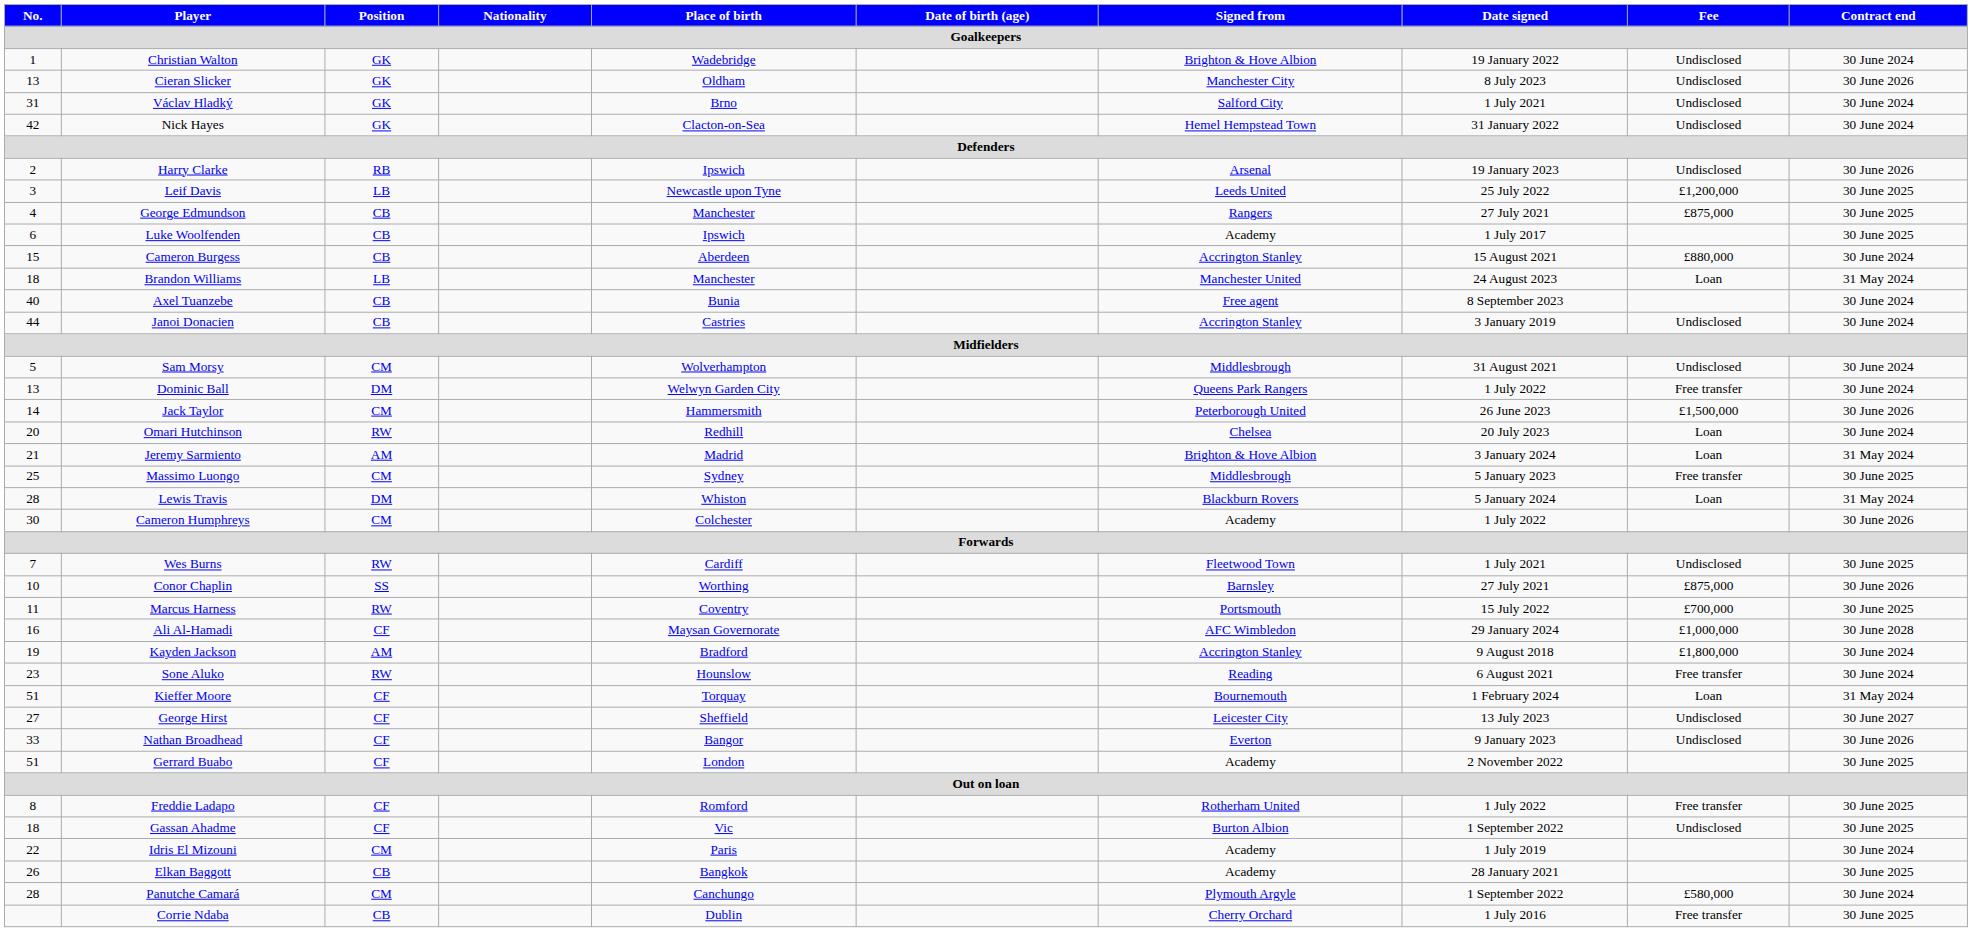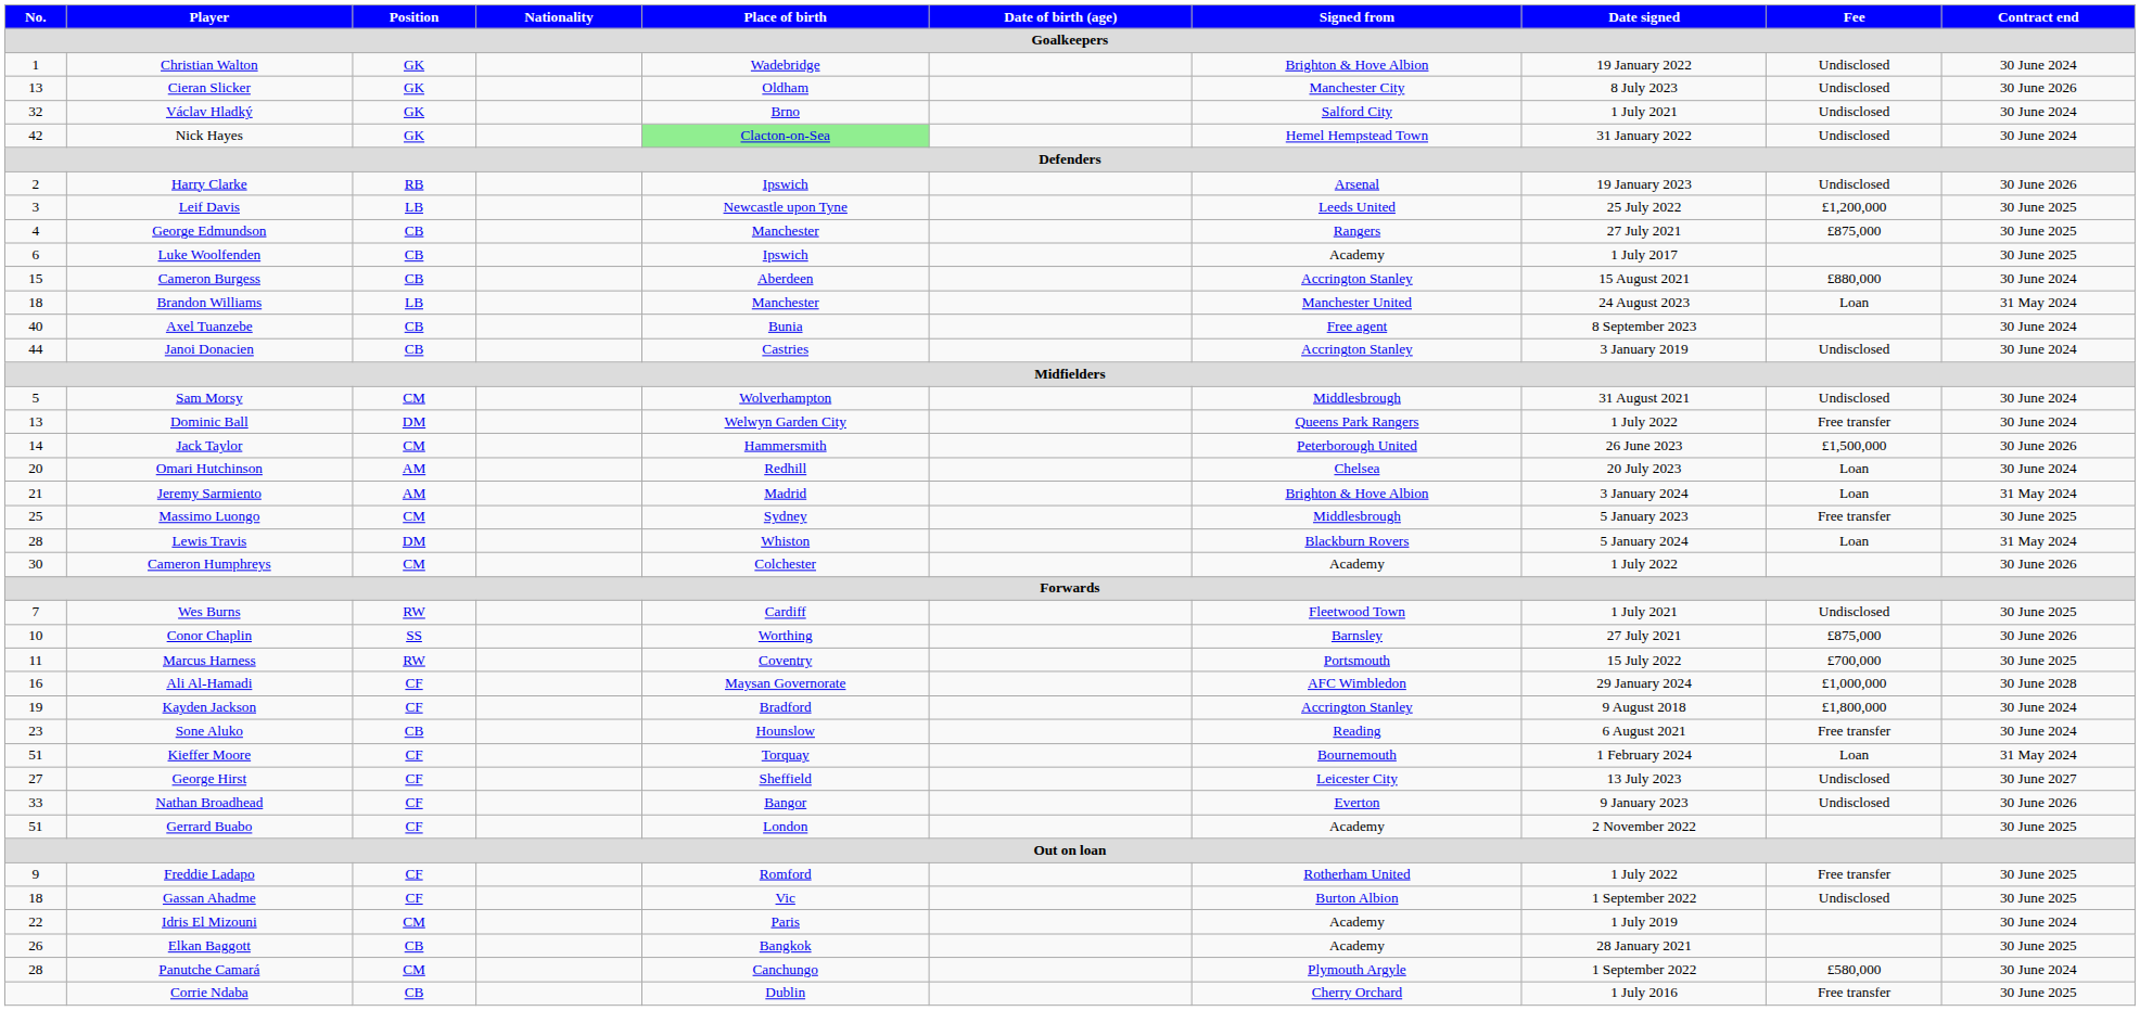 <table class="wikitable" style="text-align:center; font-size:84.5%; width:101%;">
 <tr>
 <th style="background:blue; color:white; text-align:center;">No.</th>
 <th style="background:blue; color:white; text-align:center;">Player</th>
 <th style="background:blue; color:white; text-align:center;">Position</th>
 <th style="background:blue; color:white; text-align:center;">Nationality</th>
 <th style="background:blue; color:white; text-align:center;">Place of birth</th>
 <th style="background:blue; color:white; text-align:center;">Date of birth (age)</th>
 <th style="background:blue; color:white; text-align:center;">Signed from</th>
 <th style="background:blue; color:white; text-align:center;">Date signed</th>
 <th style="background:blue; color:white; text-align:center;">Fee</th>
 <th style="background:blue; color:white; text-align:center;">Contract end</th>
 </tr>
 <tr>
 <th colspan="14" style="background:#dcdcdc; tepxt-align:center;">Goalkeepers</th>
 </tr>
 <tr>
 <td>1</td>
 <td><a href='#'>Christian Walton</a></td>
 <td><a href='#'>GK</a></td>
 <td></td>
 <td><a href='#'>Wadebridge</a></td>
 <td></td>
 <td><a href='#'>Brighton & Hove Albion</a></td>
 <td>19 January 2022</td>
 <td>Undisclosed</td>
 <td>30 June 2024</td>
 </tr>
 <tr>
 <td>13</td>
 <td><a href='#'>Cieran Slicker</a></td>
 <td><a href='#'>GK</a></td>
 <td></td>
 <td> <a href='#'>Oldham</a></td>
 <td></td>
 <td><a href='#'>Manchester City</a></td>
 <td>8 July 2023</td>
 <td>Undisclosed</td>
 <td>30 June 2026</td>
 </tr>
 <tr>
-<td>31</td>
+<td>32</td>
 <td><a href='#'>Václav Hladký</a></td>
 <td><a href='#'>GK</a></td>
 <td></td>
 <td><a href='#'>Brno</a></td>
 <td></td>
 <td><a href='#'>Salford City</a></td>
 <td>1 July 2021</td>
 <td>Undisclosed</td>
 <td>30 June 2024</td>
 </tr>
 <tr>
 <td>42</td>
 <td>Nick Hayes</td>
 <td><a href='#'>GK</a></td>
 <td></td>
-<td><a href='#'>Clacton-on-Sea</a></td>
+<td style="background: lightgreen;"><a href='#'>Clacton-on-Sea</a></td>
 <td></td>
 <td><a href='#'>Hemel Hempstead Town</a></td>
 <td>31 January 2022</td>
 <td>Undisclosed</td>
 <td>30 June 2024</td>
 </tr>
 <tr>
 <th colspan="14" style="background:#dcdcdc; tepxt-align:center;">Defenders</th>
 </tr>
 <tr>
 <td>2</td>
 <td><a href='#'>Harry Clarke</a></td>
 <td><a href='#'>RB</a></td>
 <td></td>
 <td><a href='#'>Ipswich</a></td>
 <td></td>
 <td><a href='#'>Arsenal</a></td>
 <td>19 January 2023</td>
 <td>Undisclosed</td>
 <td>30 June 2026</td>
 </tr>
 <tr>
 <td>3</td>
 <td><a href='#'>Leif Davis</a></td>
 <td><a href='#'>LB</a></td>
 <td></td>
 <td><a href='#'>Newcastle upon Tyne</a></td>
 <td></td>
 <td><a href='#'>Leeds United</a></td>
 <td>25 July 2022</td>
 <td>£1,200,000</td>
 <td>30 June 2025</td>
 </tr>
 <tr>
 <td>4</td>
 <td><a href='#'>George Edmundson</a></td>
 <td><a href='#'>CB</a></td>
 <td></td>
 <td><a href='#'>Manchester</a></td>
 <td></td>
 <td><a href='#'>Rangers</a></td>
 <td>27 July 2021</td>
 <td>£875,000</td>
 <td>30 June 2025</td>
 </tr>
 <tr>
 <td>6</td>
 <td><a href='#'>Luke Woolfenden</a></td>
 <td><a href='#'>CB</a></td>
 <td></td>
 <td><a href='#'>Ipswich</a></td>
 <td></td>
 <td>Academy</td>
 <td>1 July 2017</td>
 <td></td>
 <td>30 June 2025</td>
 </tr>
 <tr>
 <td>15</td>
 <td><a href='#'>Cameron Burgess</a></td>
 <td><a href='#'>CB</a></td>
 <td></td>
 <td> <a href='#'>Aberdeen</a></td>
 <td></td>
 <td><a href='#'>Accrington Stanley</a></td>
 <td>15 August 2021</td>
 <td>£880,000</td>
 <td>30 June 2024</td>
 </tr>
 <tr>
 <td>18</td>
 <td><a href='#'>Brandon Williams</a></td>
 <td><a href='#'>LB</a></td>
 <td></td>
 <td><a href='#'>Manchester</a></td>
 <td></td>
 <td><a href='#'>Manchester United</a></td>
 <td>24 August 2023</td>
 <td>Loan</td>
 <td>31 May 2024</td>
 </tr>
 <tr>
 <td>40</td>
 <td><a href='#'>Axel Tuanzebe</a></td>
 <td><a href='#'>CB</a></td>
 <td></td>
 <td><a href='#'>Bunia</a></td>
 <td></td>
 <td><a href='#'>Free agent</a></td>
 <td>8 September 2023</td>
 <td></td>
 <td>30 June 2024</td>
 </tr>
 <tr>
 <td>44</td>
 <td><a href='#'>Janoi Donacien</a></td>
 <td><a href='#'>CB</a></td>
 <td></td>
 <td><a href='#'>Castries</a></td>
 <td></td>
 <td><a href='#'>Accrington Stanley</a></td>
 <td>3 January 2019</td>
 <td>Undisclosed</td>
 <td>30 June 2024</td>
 </tr>
 <tr>
 <th colspan="14" style="background:#dcdcdc; tepxt-align:center;">Midfielders</th>
 </tr>
 <tr>
 <td>5</td>
 <td><a href='#'>Sam Morsy</a></td>
 <td><a href='#'>CM</a></td>
 <td></td>
 <td> <a href='#'>Wolverhampton</a></td>
 <td></td>
 <td><a href='#'>Middlesbrough</a></td>
 <td>31 August 2021</td>
 <td>Undisclosed</td>
 <td>30 June 2024</td>
 </tr>
 <tr>
 <td>13</td>
 <td><a href='#'>Dominic Ball</a></td>
 <td><a href='#'>DM</a></td>
 <td></td>
 <td><a href='#'>Welwyn Garden City</a></td>
 <td></td>
 <td><a href='#'>Queens Park Rangers</a></td>
 <td>1 July 2022</td>
 <td>Free transfer</td>
 <td>30 June 2024</td>
 </tr>
 <tr>
 <td>14</td>
 <td><a href='#'>Jack Taylor</a></td>
 <td><a href='#'>CM</a></td>
 <td></td>
 <td> <a href='#'>Hammersmith</a></td>
 <td></td>
 <td><a href='#'>Peterborough United</a></td>
 <td>26 June 2023</td>
 <td>£1,500,000</td>
 <td>30 June 2026</td>
 </tr>
 <tr>
 <td>20</td>
 <td><a href='#'>Omari Hutchinson</a></td>
-<td><a href='#'>RW</a></td>
+<td><a href='#'>AM</a></td>
 <td></td>
 <td> <a href='#'>Redhill</a></td>
 <td></td>
 <td><a href='#'>Chelsea</a></td>
 <td>20 July 2023</td>
 <td>Loan</td>
 <td>30 June 2024</td>
 </tr>
 <tr>
 <td>21</td>
 <td><a href='#'>Jeremy Sarmiento</a></td>
 <td><a href='#'>AM</a></td>
 <td></td>
 <td> <a href='#'>Madrid</a></td>
 <td></td>
 <td><a href='#'>Brighton & Hove Albion</a></td>
 <td>3 January 2024</td>
 <td>Loan</td>
 <td>31 May 2024</td>
 </tr>
 <tr>
 <td>25</td>
 <td><a href='#'>Massimo Luongo</a></td>
 <td><a href='#'>CM</a></td>
 <td></td>
 <td><a href='#'>Sydney</a></td>
 <td></td>
 <td><a href='#'>Middlesbrough</a></td>
 <td>5 January 2023</td>
 <td>Free transfer</td>
 <td>30 June 2025</td>
 </tr>
 <tr>
 <td>28</td>
 <td><a href='#'>Lewis Travis</a></td>
 <td><a href='#'>DM</a></td>
 <td></td>
 <td><a href='#'>Whiston</a></td>
 <td></td>
 <td><a href='#'>Blackburn Rovers</a></td>
 <td>5 January 2024</td>
 <td>Loan</td>
 <td>31 May 2024</td>
 </tr>
 <tr>
 <td>30</td>
 <td><a href='#'>Cameron Humphreys</a></td>
 <td><a href='#'>CM</a></td>
 <td></td>
 <td><a href='#'>Colchester</a></td>
 <td></td>
 <td>Academy</td>
 <td>1 July 2022</td>
 <td></td>
 <td>30 June 2026</td>
 </tr>
 <tr>
 <th colspan="14" style="background:#dcdcdc; tepxt-align:center;">Forwards</th>
 </tr>
 <tr>
 <td>7</td>
 <td><a href='#'>Wes Burns</a></td>
 <td><a href='#'>RW</a></td>
 <td></td>
 <td><a href='#'>Cardiff</a></td>
 <td></td>
 <td><a href='#'>Fleetwood Town</a></td>
 <td>1 July 2021</td>
 <td>Undisclosed</td>
 <td>30 June 2025</td>
 </tr>
 <tr>
 <td>10</td>
 <td><a href='#'>Conor Chaplin</a></td>
 <td><a href='#'>SS</a></td>
 <td></td>
 <td><a href='#'>Worthing</a></td>
 <td></td>
 <td><a href='#'>Barnsley</a></td>
 <td>27 July 2021</td>
 <td>£875,000</td>
 <td>30 June 2026</td>
 </tr>
 <tr>
 <td>11</td>
 <td><a href='#'>Marcus Harness</a></td>
 <td><a href='#'>RW</a></td>
 <td></td>
 <td><a href='#'>Coventry</a></td>
 <td></td>
 <td><a href='#'>Portsmouth</a></td>
 <td>15 July 2022</td>
 <td>£700,000</td>
 <td>30 June 2025</td>
 </tr>
 <tr>
 <td>16</td>
 <td><a href='#'>Ali Al-Hamadi</a></td>
 <td><a href='#'>CF</a></td>
 <td></td>
 <td><a href='#'>Maysan Governorate</a></td>
 <td></td>
 <td><a href='#'>AFC Wimbledon</a></td>
 <td>29 January 2024</td>
 <td>£1,000,000</td>
 <td>30 June 2028</td>
 </tr>
 <tr>
 <td>19</td>
 <td><a href='#'>Kayden Jackson</a></td>
-<td><a href='#'>AM</a></td>
+<td><a href='#'>CF</a></td>
 <td></td>
 <td><a href='#'>Bradford</a></td>
 <td></td>
 <td><a href='#'>Accrington Stanley</a></td>
 <td>9 August 2018</td>
 <td>£1,800,000</td>
 <td>30 June 2024</td>
 </tr>
 <tr>
 <td>23</td>
 <td><a href='#'>Sone Aluko</a></td>
-<td><a href='#'>RW</a></td>
+<td><a href='#'>CB</a></td>
 <td></td>
 <td> <a href='#'>Hounslow</a></td>
 <td></td>
 <td><a href='#'>Reading</a></td>
 <td>6 August 2021</td>
 <td>Free transfer</td>
 <td>30 June 2024</td>
 </tr>
 <tr>
 <td>51</td>
 <td><a href='#'>Kieffer Moore</a></td>
 <td><a href='#'>CF</a></td>
 <td></td>
 <td> <a href='#'>Torquay</a></td>
 <td></td>
 <td><a href='#'>Bournemouth</a></td>
 <td>1 February 2024</td>
 <td>Loan</td>
 <td>31 May 2024</td>
 </tr>
 <tr>
 <td>27</td>
 <td><a href='#'>George Hirst</a></td>
 <td><a href='#'>CF</a></td>
 <td></td>
 <td><a href='#'>Sheffield</a></td>
 <td></td>
 <td><a href='#'>Leicester City</a></td>
 <td>13 July 2023</td>
 <td>Undisclosed</td>
 <td>30 June 2027</td>
 </tr>
 <tr>
 <td>33</td>
 <td><a href='#'>Nathan Broadhead</a></td>
 <td><a href='#'>CF</a></td>
 <td></td>
 <td><a href='#'>Bangor</a></td>
 <td></td>
 <td><a href='#'>Everton</a></td>
 <td>9 January 2023</td>
 <td>Undisclosed</td>
 <td>30 June 2026</td>
 </tr>
 <tr>
 <td>51</td>
 <td><a href='#'>Gerrard Buabo</a></td>
 <td><a href='#'>CF</a></td>
 <td></td>
 <td><a href='#'>London</a></td>
 <td></td>
 <td>Academy</td>
 <td>2 November 2022</td>
 <td></td>
 <td>30 June 2025</td>
 </tr>
 <tr>
 <th colspan="14" style="background:#dcdcdc; tepxt-align:center;">Out on loan</th>
 </tr>
 <tr>
-<td>8</td>
+<td>9</td>
 <td><a href='#'>Freddie Ladapo</a></td>
 <td><a href='#'>CF</a></td>
 <td></td>
 <td><a href='#'>Romford</a></td>
 <td></td>
 <td><a href='#'>Rotherham United</a></td>
 <td>1 July 2022</td>
 <td>Free transfer</td>
 <td>30 June 2025</td>
 </tr>
 <tr>
 <td>18</td>
 <td><a href='#'>Gassan Ahadme</a></td>
 <td><a href='#'>CF</a></td>
 <td></td>
 <td> <a href='#'>Vic</a></td>
 <td></td>
 <td><a href='#'>Burton Albion</a></td>
 <td>1 September 2022</td>
 <td>Undisclosed</td>
 <td>30 June 2025</td>
 </tr>
 <tr>
 <td>22</td>
 <td><a href='#'>Idris El Mizouni</a></td>
 <td><a href='#'>CM</a></td>
 <td></td>
 <td> <a href='#'>Paris</a></td>
 <td></td>
 <td>Academy</td>
 <td>1 July 2019</td>
 <td></td>
 <td>30 June 2024</td>
 </tr>
 <tr>
 <td>26</td>
 <td><a href='#'>Elkan Baggott</a></td>
 <td><a href='#'>CB</a></td>
 <td></td>
 <td> <a href='#'>Bangkok</a></td>
 <td></td>
 <td>Academy</td>
 <td>28 January 2021</td>
 <td></td>
 <td>30 June 2025</td>
 </tr>
 <tr>
 <td>28</td>
 <td><a href='#'>Panutche Camará</a></td>
 <td><a href='#'>CM</a></td>
 <td></td>
 <td><a href='#'>Canchungo</a></td>
 <td></td>
 <td><a href='#'>Plymouth Argyle</a></td>
 <td>1 September 2022</td>
 <td>£580,000</td>
 <td>30 June 2024</td>
 </tr>
 <tr>
 <td></td>
 <td><a href='#'>Corrie Ndaba</a></td>
 <td><a href='#'>CB</a></td>
 <td></td>
 <td><a href='#'>Dublin</a></td>
 <td></td>
 <td><a href='#'>Cherry Orchard</a></td>
 <td>1 July 2016</td>
 <td>Free transfer</td>
 <td>30 June 2025</td>
 </tr>
 </table>
